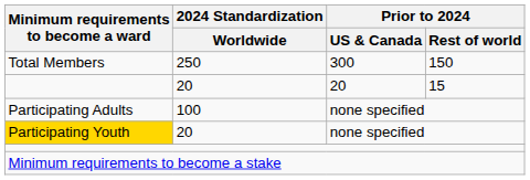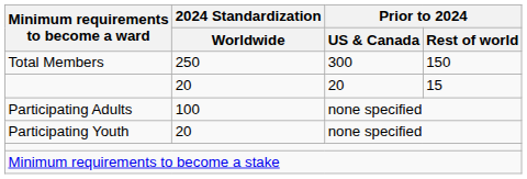 <table class="wikitable">
 <tr>
 <th rowspan=2>Minimum requirements<br>to become a ward</th>
 <th>2024 Standardization</th>
 <th colspan=2>Prior to 2024</th>
 </tr>
 <tr>
 <th>Worldwide</th>
 <th>US & Canada</th>
 <th>Rest of world</th>
 </tr>
 <tr>
 <td>Total Members</td>
 <td>250</td>
 <td>300</td>
 <td>150</td>
 </tr>
 <tr>
 <td></td>
 <td>20</td>
 <td>20</td>
 <td>15</td>
 </tr>
 <tr>
 <td>Participating Adults</td>
 <td>100</td>
 <td colspan=2>none specified</td>
 </tr>
 <tr>
-<td style="background: gold;">Participating Youth</td>
+<td>Participating Youth</td>
 <td>20</td>
 <td colspan=2>none specified</td>
 </tr>
 <tr>
 <td colspan=4></td>
 </tr>
 <tr>
 <td colspan=4><a href='#'>Minimum requirements to become a stake</a></td>
 </tr>
 </table>
